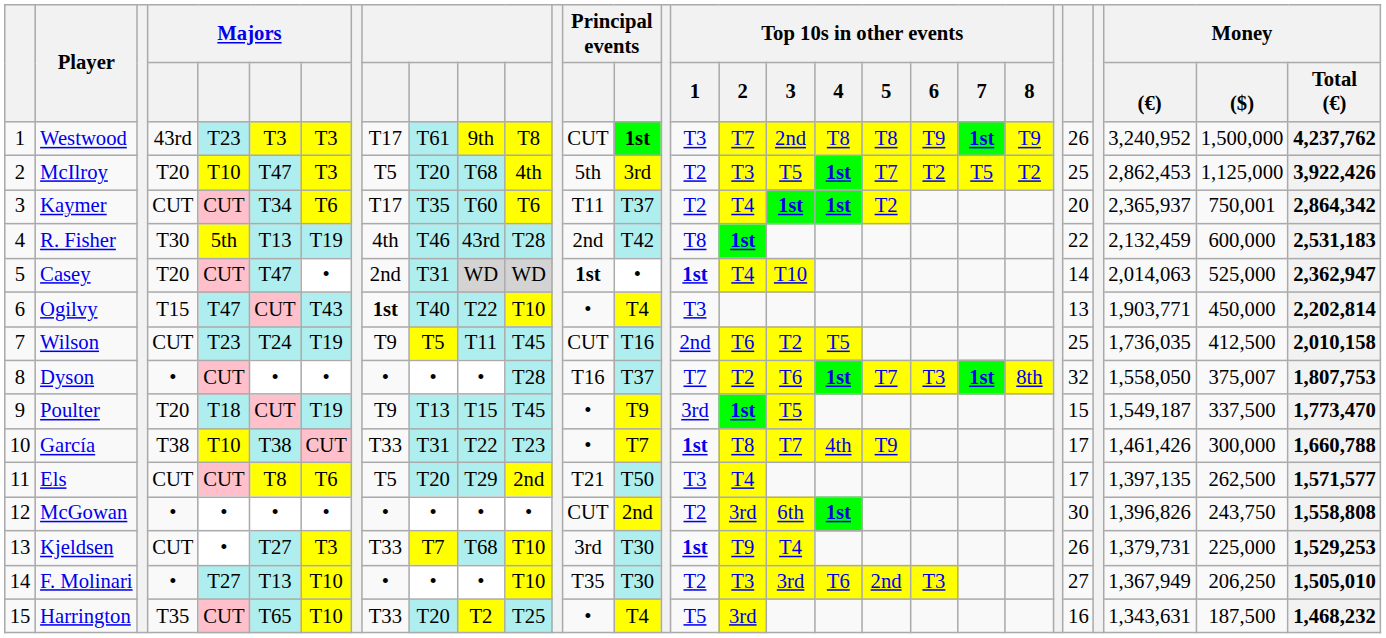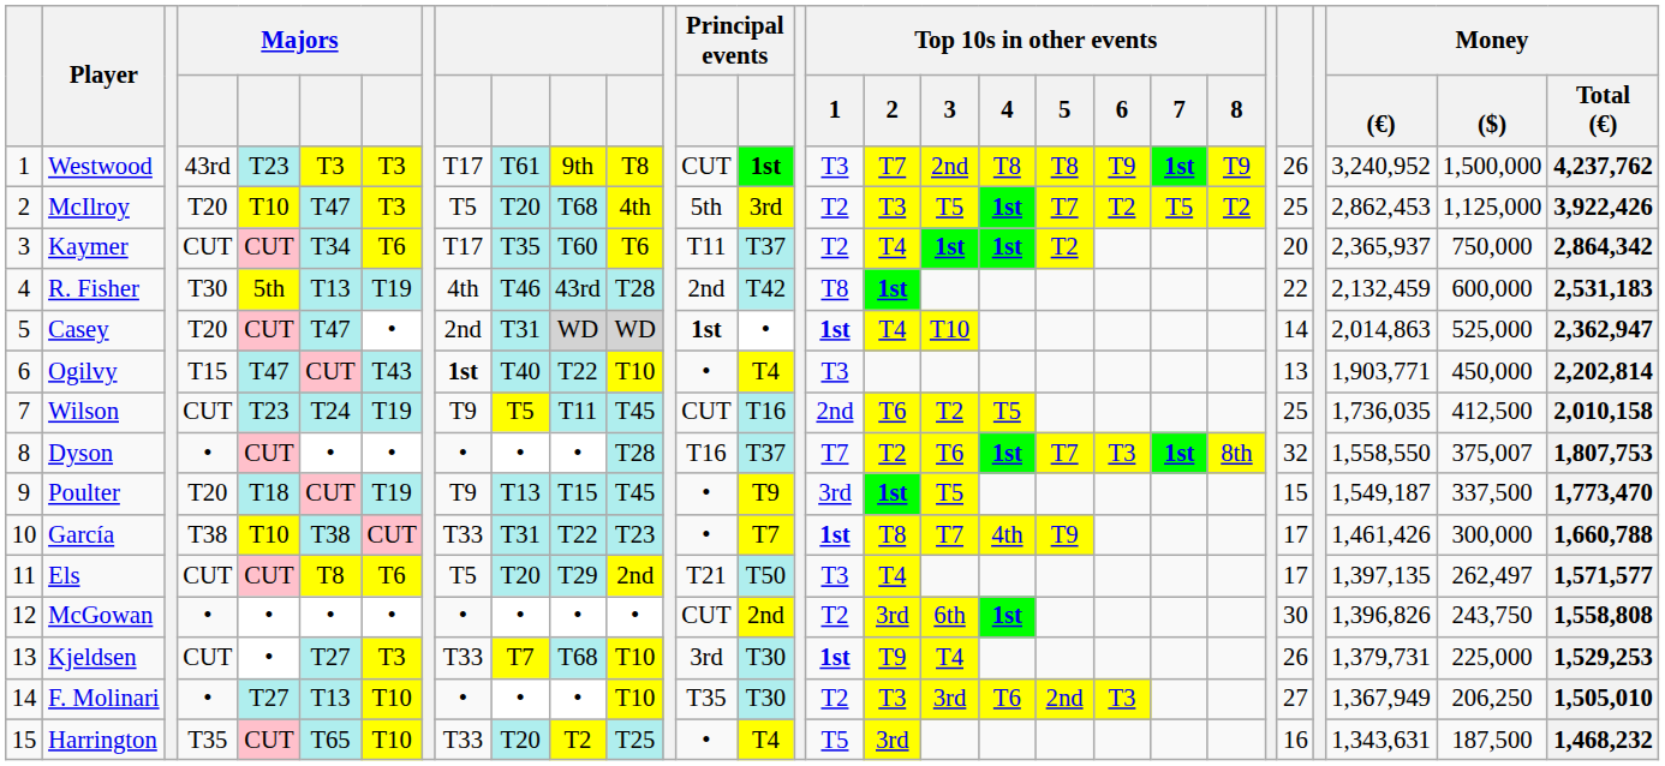 <table class=wikitable style=font-size:85%;text-align:center>
 <tr>
 <th rowspan=2></th>
 <th rowspan="2";>Player</th>
 <th rowspan="32"></th>
 <th colspan=4><a href='#'>Majors</a></th>
 <th rowspan="32"></th>
 <th colspan=4></th>
 <th rowspan="32"></th>
 <th colspan=2>Principal events</th>
 <th rowspan="32"></th>
 <th colspan="8">Top 10s in other  events</th>
 <th rowspan="32"></th>
 <th rowspan=2></th>
 <th rowspan="32"></th>
 <th colspan=3>Money</th>
 </tr>
 <tr>
 <th style="width:25px;"></th>
 <th style="width:25px;"></th>
 <th style="width:25px;"></th>
 <th style="width:25px;"></th>
 <th style="width:25px;"></th>
 <th style="width:25px;"></th>
 <th style="width:25px;"></th>
 <th style="width:25px;"></th>
 <th style="width:25px;"></th>
 <th style="width:25px;"></th>
 <th style="width:25px;">1</th>
 <th style="width:25px;">2</th>
 <th style="width:25px;">3</th>
 <th style="width:25px;">4</th>
 <th style="width:25px;">5</th>
 <th style="width:25px;">6</th>
 <th style="width:25px;">7</th>
 <th style="width:25px;">8</th>
 <th style=“width:25px;”><br>(€)</th>
 <th style=“width:25px;”><br>($)</th>
 <th style=“width:25px;”>Total<br>(€)</th>
 </tr>
 <tr>
 <td>1</td>
 <td align="left"> <a href='#'>Westwood</a></td>
 <td>43rd</td>
 <td bgcolor="afeeee">T23</td>
 <td bgcolor="yellow">T3</td>
 <td bgcolor="yellow">T3</td>
 <td>T17</td>
 <td bgcolor="afeeee">T61</td>
 <td bgcolor="yellow">9th</td>
 <td bgcolor="yellow">T8</td>
 <td>CUT</td>
 <td bgcolor="lime"><strong>1st</strong></td>
 <td><a href='#'>T3</a></td>
 <td bgcolor="yellow"><a href='#'>T7</a></td>
 <td bgcolor="yellow"><a href='#'>2nd</a></td>
 <td bgcolor="yellow"><a href='#'>T8</a></td>
 <td bgcolor="yellow"><a href='#'>T8</a></td>
 <td bgcolor="yellow"><a href='#'>T9</a></td>
 <td bgcolor="lime"><a href='#'><strong>1st</strong></a></td>
 <td bgcolor="yellow"><a href='#'>T9</a></td>
 <td>26</td>
 <td>3,240,952</td>
 <td>1,500,000</td>
 <th>4,237,762</th>
 </tr>
 <tr>
 <td>2</td>
 <td align="left"> <a href='#'>McIlroy</a></td>
 <td>T20</td>
 <td bgcolor="yellow">T10</td>
 <td bgcolor="afeeee">T47</td>
 <td bgcolor="yellow">T3</td>
 <td>T5</td>
 <td bgcolor="afeeee">T20</td>
 <td bgcolor="afeeee">T68</td>
 <td bgcolor="yellow">4th</td>
 <td>5th</td>
 <td bgcolor="yellow">3rd</td>
 <td><a href='#'>T2</a></td>
 <td bgcolor="yellow"><a href='#'>T3</a></td>
 <td bgcolor="yellow"><a href='#'>T5</a></td>
 <td bgcolor="lime"><a href='#'><strong>1st</strong></a></td>
 <td bgcolor="yellow"><a href='#'>T7</a></td>
 <td bgcolor="yellow"><a href='#'>T2</a></td>
 <td bgcolor="yellow"><a href='#'>T5</a></td>
 <td bgcolor="yellow"><a href='#'>T2</a></td>
 <td>25</td>
 <td>2,862,453</td>
 <td>1,125,000</td>
 <th>3,922,426</th>
 </tr>
 <tr>
 <td>3</td>
 <td align="left"> <a href='#'>Kaymer</a></td>
 <td>CUT</td>
 <td bgcolor="pink">CUT</td>
 <td bgcolor="afeeee">T34</td>
 <td bgcolor="yellow">T6</td>
 <td>T17</td>
 <td bgcolor="afeeee">T35</td>
 <td bgcolor="afeeee">T60</td>
 <td bgcolor="yellow">T6</td>
 <td>T11</td>
 <td bgcolor="afeeee">T37</td>
 <td><a href='#'>T2</a></td>
 <td bgcolor="yellow"><a href='#'>T4</a></td>
 <td bgcolor="lime"><a href='#'><strong>1st</strong></a></td>
 <td bgcolor="lime"><a href='#'><strong>1st</strong></a></td>
 <td bgcolor="yellow"><a href='#'>T2</a></td>
 <td bgcolor=""></td>
 <td bgcolor=""></td>
 <td bgcolor=""></td>
 <td>20</td>
 <td>2,365,937</td>
-<td>750,001</td>
+<td>750,000</td>
 <th>2,864,342</th>
 </tr>
 <tr>
 <td>4</td>
 <td align="left"> <a href='#'>R. Fisher</a></td>
 <td>T30</td>
 <td bgcolor="yellow">5th</td>
 <td bgcolor="afeeee">T13</td>
 <td bgcolor="afeeee">T19</td>
 <td>4th</td>
 <td bgcolor="afeeee">T46</td>
 <td bgcolor="afeeee">43rd</td>
 <td bgcolor="afeeee">T28</td>
 <td>2nd</td>
 <td bgcolor="afeeee">T42</td>
 <td><a href='#'>T8</a></td>
 <td bgcolor="lime"><a href='#'><strong>1st</strong></a></td>
 <td bgcolor=""></td>
 <td bgcolor=""></td>
 <td bgcolor=""></td>
 <td bgcolor=""></td>
 <td bgcolor=""></td>
 <td bgcolor=""></td>
 <td>22</td>
 <td>2,132,459</td>
 <td>600,000</td>
 <th>2,531,183</th>
 </tr>
 <tr>
 <td>5</td>
 <td align="left"> <a href='#'>Casey</a></td>
 <td>T20</td>
 <td bgcolor="pink">CUT</td>
 <td bgcolor="afeeee">T47</td>
 <td style="background:white">•</td>
 <td>2nd</td>
 <td bgcolor="afeeee">T31</td>
 <td bgcolor="lightgrey">WD</td>
 <td bgcolor="lightgrey">WD</td>
 <td><strong>1st</strong></td>
 <td style="background:white">•</td>
 <td><a href='#'><strong>1st</strong></a></td>
 <td bgcolor="yellow"><a href='#'>T4</a></td>
 <td bgcolor="yellow"><a href='#'>T10</a></td>
 <td bgcolor=""></td>
 <td bgcolor=""></td>
 <td bgcolor=""></td>
 <td bgcolor=""></td>
 <td bgcolor=""></td>
 <td>14</td>
-<td>2,014,063</td>
+<td>2,014,863</td>
 <td>525,000</td>
 <th>2,362,947</th>
 </tr>
 <tr>
 <td>6</td>
 <td align="left"> <a href='#'>Ogilvy</a></td>
 <td>T15</td>
 <td bgcolor="afeeee">T47</td>
 <td bgcolor="pink">CUT</td>
 <td bgcolor="afeeee">T43</td>
 <td><strong>1st</strong></td>
 <td bgcolor="afeeee">T40</td>
 <td bgcolor="afeeee">T22</td>
 <td bgcolor="yellow">T10</td>
 <td>•</td>
 <td bgcolor="yellow">T4</td>
 <td><a href='#'>T3</a></td>
 <td bgcolor=""></td>
 <td bgcolor=""></td>
 <td bgcolor=""></td>
 <td bgcolor=""></td>
 <td bgcolor=""></td>
 <td bgcolor=""></td>
 <td bgcolor=""></td>
 <td>13</td>
 <td>1,903,771</td>
 <td>450,000</td>
 <th>2,202,814</th>
 </tr>
 <tr>
 <td>7</td>
 <td align="left"> <a href='#'>Wilson</a></td>
 <td>CUT</td>
 <td bgcolor="afeeee">T23</td>
 <td bgcolor="afeeee">T24</td>
 <td bgcolor="afeeee">T19</td>
 <td>T9</td>
 <td bgcolor="yellow">T5</td>
 <td bgcolor="afeeee">T11</td>
 <td bgcolor="afeeee">T45</td>
 <td>CUT</td>
 <td bgcolor="afeeee">T16</td>
 <td><a href='#'>2nd</a></td>
 <td bgcolor="yellow"><a href='#'>T6</a></td>
 <td bgcolor="yellow"><a href='#'>T2</a></td>
 <td bgcolor="yellow"><a href='#'>T5</a></td>
 <td bgcolor=""></td>
 <td bgcolor=""></td>
 <td bgcolor=""></td>
 <td bgcolor=""></td>
 <td>25</td>
 <td>1,736,035</td>
 <td>412,500</td>
 <th>2,010,158</th>
 </tr>
 <tr>
 <td>8</td>
 <td align="left"> <a href='#'>Dyson</a></td>
 <td>•</td>
 <td bgcolor="pink">CUT</td>
 <td style="background:white">•</td>
 <td style="background:white">•</td>
 <td>•</td>
 <td style="background:white">•</td>
 <td style="background:white">•</td>
 <td bgcolor="afeeee">T28</td>
 <td>T16</td>
 <td bgcolor="afeeee">T37</td>
 <td><a href='#'>T7</a></td>
 <td bgcolor="yellow"><a href='#'>T2</a></td>
 <td bgcolor="yellow"><a href='#'>T6</a></td>
 <td bgcolor="lime"><a href='#'><strong>1st</strong></a></td>
 <td bgcolor="yellow"><a href='#'>T7</a></td>
 <td bgcolor="yellow"><a href='#'>T3</a></td>
 <td bgcolor="lime"><a href='#'><strong>1st</strong></a></td>
 <td bgcolor="yellow"><a href='#'>8th</a></td>
 <td>32</td>
-<td>1,558,050</td>
+<td>1,558,550</td>
 <td>375,007</td>
 <th>1,807,753</th>
 </tr>
 <tr>
 <td>9</td>
 <td align="left"> <a href='#'>Poulter</a></td>
 <td>T20</td>
 <td bgcolor="afeeee">T18</td>
 <td bgcolor="pink">CUT</td>
 <td bgcolor="afeeee">T19</td>
 <td>T9</td>
 <td bgcolor="afeeee">T13</td>
 <td bgcolor="afeeee">T15</td>
 <td bgcolor="afeeee">T45</td>
 <td>•</td>
 <td bgcolor="yellow">T9</td>
 <td><a href='#'>3rd</a></td>
 <td bgcolor="lime"><a href='#'><strong>1st</strong></a></td>
 <td bgcolor="yellow"><a href='#'>T5</a></td>
 <td bgcolor=""></td>
 <td bgcolor=""></td>
 <td bgcolor=""></td>
 <td bgcolor=""></td>
 <td bgcolor=""></td>
 <td>15</td>
 <td>1,549,187</td>
 <td>337,500</td>
 <th>1,773,470</th>
 </tr>
 <tr>
 <td>10</td>
 <td align="left"> <a href='#'>García</a></td>
 <td>T38</td>
 <td bgcolor="yellow">T10</td>
 <td bgcolor="afeeee">T38</td>
 <td bgcolor="pink">CUT</td>
 <td>T33</td>
 <td bgcolor="afeeee">T31</td>
 <td bgcolor="afeeee">T22</td>
 <td bgcolor="afeeee">T23</td>
 <td>•</td>
 <td bgcolor="yellow">T7</td>
 <td><a href='#'><strong>1st</strong></a></td>
 <td bgcolor="yellow"><a href='#'>T8</a></td>
 <td bgcolor="yellow"><a href='#'>T7</a></td>
 <td bgcolor="yellow"><a href='#'>4th</a></td>
 <td bgcolor="yellow"><a href='#'>T9</a></td>
 <td bgcolor=""></td>
 <td bgcolor=""></td>
 <td bgcolor=""></td>
 <td>17</td>
 <td>1,461,426</td>
 <td>300,000</td>
 <th>1,660,788</th>
 </tr>
 <tr>
 <td>11</td>
 <td align="left"> <a href='#'>Els</a></td>
 <td>CUT</td>
 <td bgcolor="pink">CUT</td>
 <td bgcolor="yellow">T8</td>
 <td bgcolor="yellow">T6</td>
 <td>T5</td>
 <td bgcolor="afeeee">T20</td>
 <td bgcolor="afeeee">T29</td>
 <td bgcolor="yellow">2nd</td>
 <td>T21</td>
 <td bgcolor="afeeee">T50</td>
 <td><a href='#'>T3</a></td>
 <td bgcolor="yellow"><a href='#'>T4</a></td>
 <td bgcolor=""></td>
 <td bgcolor=""></td>
 <td bgcolor=""></td>
 <td bgcolor=""></td>
 <td bgcolor=""></td>
 <td bgcolor=""></td>
 <td>17</td>
 <td>1,397,135</td>
-<td>262,500</td>
+<td>262,497</td>
 <th>1,571,577</th>
 </tr>
 <tr>
 <td>12</td>
 <td align="left"> <a href='#'>McGowan</a></td>
 <td>•</td>
 <td style="background:white">•</td>
 <td style="background:white">•</td>
 <td style="background:white">•</td>
 <td>•</td>
 <td style="background:white">•</td>
 <td style="background:white">•</td>
 <td style="background:white">•</td>
 <td>CUT</td>
 <td bgcolor="yellow">2nd</td>
 <td><a href='#'>T2</a></td>
 <td bgcolor="yellow"><a href='#'>3rd</a></td>
 <td bgcolor="yellow"><a href='#'>6th</a></td>
 <td bgcolor="lime"><a href='#'><strong>1st</strong></a></td>
 <td bgcolor=""></td>
 <td bgcolor=""></td>
 <td bgcolor=""></td>
 <td bgcolor=""></td>
 <td>30</td>
 <td>1,396,826</td>
 <td>243,750</td>
 <th>1,558,808</th>
 </tr>
 <tr>
 <td>13</td>
 <td align="left"> <a href='#'>Kjeldsen</a></td>
 <td>CUT</td>
 <td style="background:white">•</td>
 <td bgcolor="afeeee">T27</td>
 <td bgcolor="yellow">T3</td>
 <td>T33</td>
 <td bgcolor="yellow">T7</td>
 <td bgcolor="afeeee">T68</td>
 <td bgcolor="yellow">T10</td>
 <td>3rd</td>
 <td bgcolor="afeeee">T30</td>
 <td><a href='#'><strong>1st</strong></a></td>
 <td bgcolor="yellow"><a href='#'>T9</a></td>
 <td bgcolor="yellow"><a href='#'>T4</a></td>
 <td bgcolor=""></td>
 <td bgcolor=""></td>
 <td bgcolor=""></td>
 <td bgcolor=""></td>
 <td bgcolor=""></td>
 <td>26</td>
 <td>1,379,731</td>
 <td>225,000</td>
 <th>1,529,253</th>
 </tr>
 <tr>
 <td>14</td>
 <td align="left"> <a href='#'>F. Molinari</a></td>
 <td>•</td>
 <td bgcolor="afeeee">T27</td>
 <td bgcolor="afeeee">T13</td>
 <td bgcolor="yellow">T10</td>
 <td>•</td>
 <td style="background:white">•</td>
 <td style="background:white">•</td>
 <td bgcolor="yellow">T10</td>
 <td>T35</td>
 <td bgcolor="afeeee">T30</td>
 <td><a href='#'>T2</a></td>
 <td bgcolor="yellow"><a href='#'>T3</a></td>
 <td bgcolor="yellow"><a href='#'>3rd</a></td>
 <td bgcolor="yellow"><a href='#'>T6</a></td>
 <td bgcolor="yellow"><a href='#'>2nd</a></td>
 <td bgcolor="yellow"><a href='#'>T3</a></td>
 <td bgcolor=""></td>
 <td bgcolor=""></td>
 <td>27</td>
 <td>1,367,949</td>
 <td>206,250</td>
 <th>1,505,010</th>
 </tr>
 <tr>
 <td>15</td>
 <td align="left"> <a href='#'>Harrington</a></td>
 <td>T35</td>
 <td bgcolor="pink">CUT</td>
 <td bgcolor="afeeee">T65</td>
 <td bgcolor="yellow">T10</td>
 <td>T33</td>
 <td bgcolor="afeeee">T20</td>
 <td bgcolor="yellow">T2</td>
 <td bgcolor="afeeee">T25</td>
 <td>•</td>
 <td bgcolor="yellow">T4</td>
 <td><a href='#'>T5</a></td>
 <td bgcolor="yellow"><a href='#'>3rd</a></td>
 <td bgcolor=""></td>
 <td bgcolor=""></td>
 <td bgcolor=""></td>
 <td bgcolor=""></td>
 <td bgcolor=""></td>
 <td bgcolor=""></td>
 <td>16</td>
 <td>1,343,631</td>
 <td>187,500</td>
 <th>1,468,232</th>
 </tr>
 </table>
